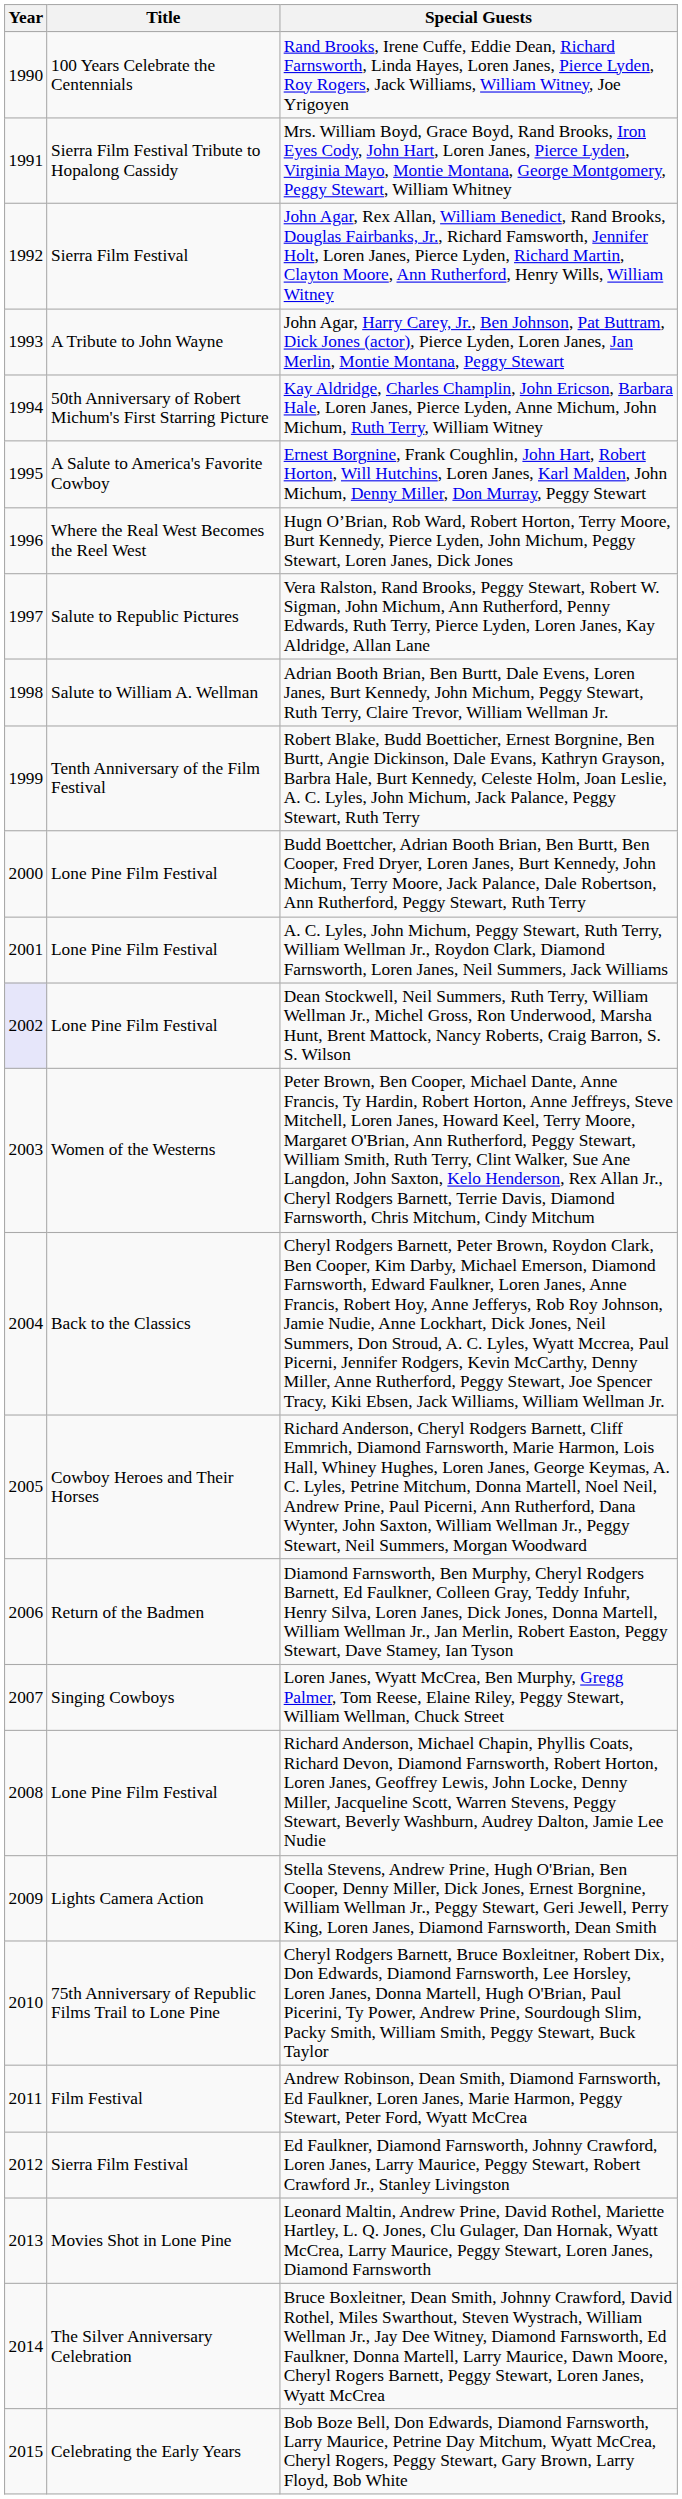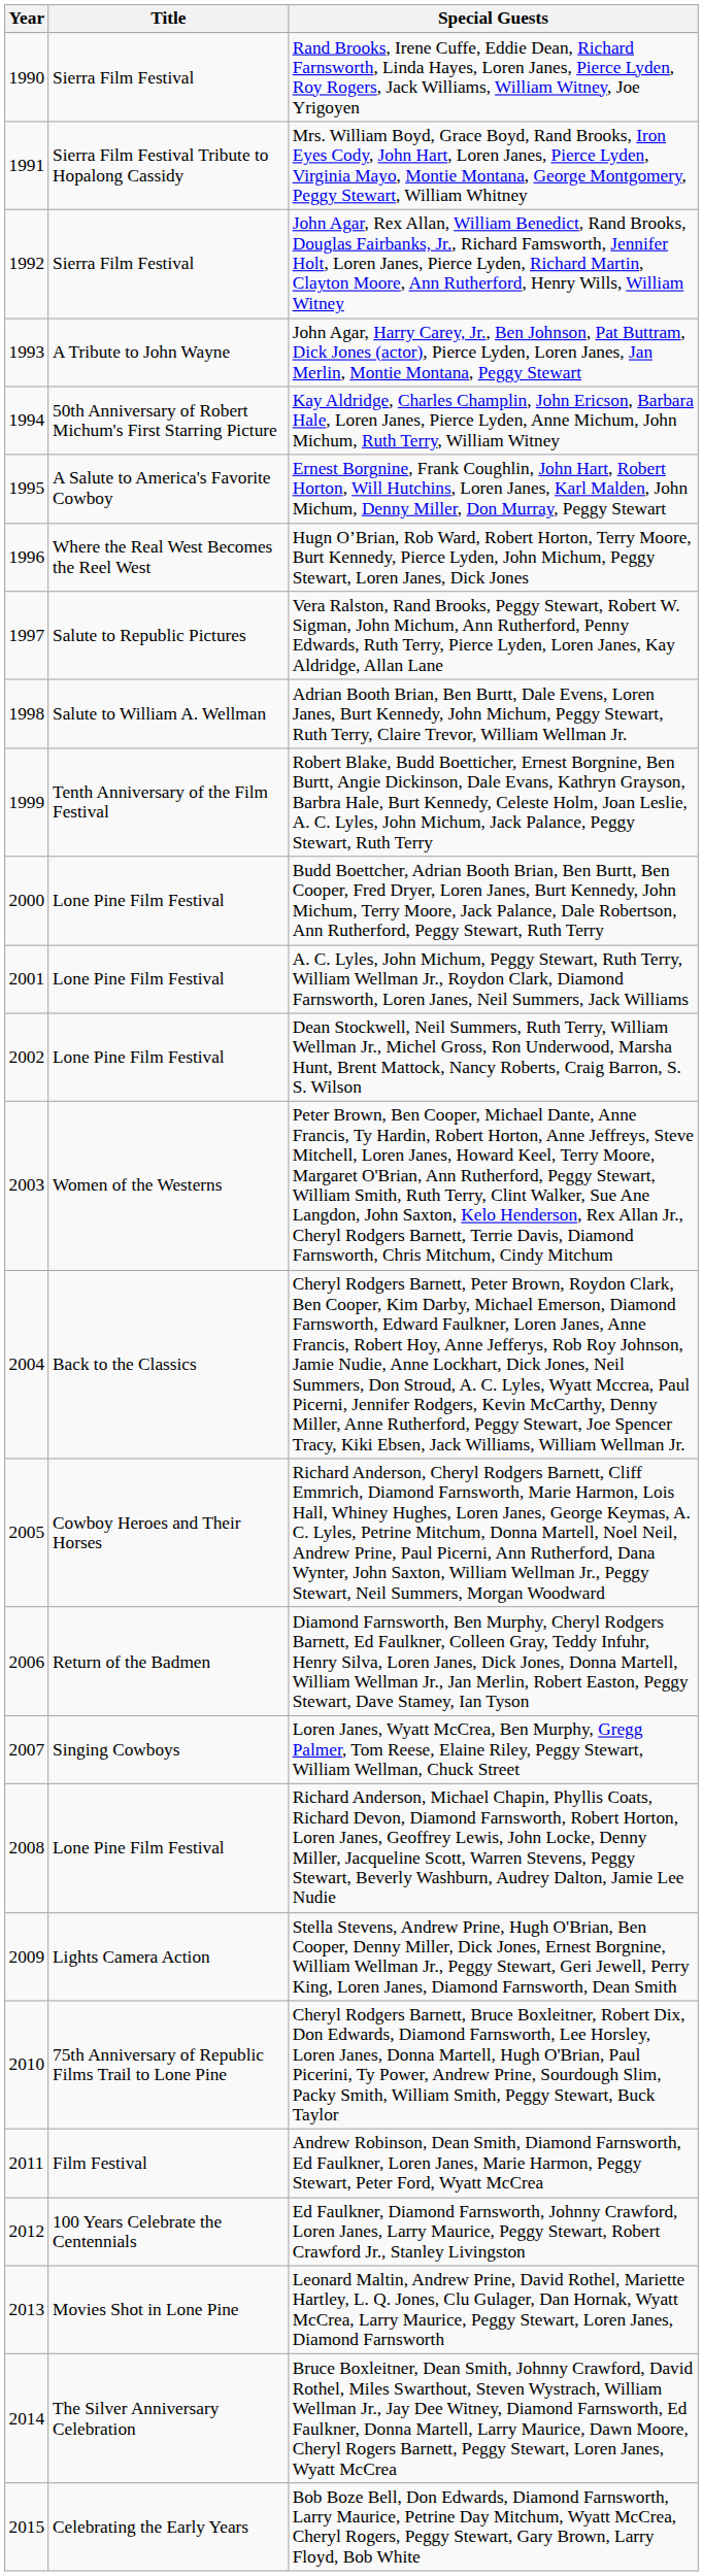 <table class="wikitable sortable" width="100%">
 <tr>
 <th width="5%">Year</th>
 <th width="35%">Title</th>
 <th width="60%" class="unsortable">Special Guests</th>
 </tr>
 <tr>
 <td>1990</td>
-<td>100 Years Celebrate the Centennials</td>
+<td>Sierra Film Festival</td>
 <td><a href='#'>Rand Brooks</a>, Irene Cuffe, Eddie Dean, <a href='#'>Richard Farnsworth</a>, Linda Hayes, Loren Janes, <a href='#'>Pierce Lyden</a>, <a href='#'>Roy Rogers</a>, Jack Williams, <a href='#'>William Witney</a>, Joe Yrigoyen</td>
 </tr>
 <tr>
 <td>1991</td>
 <td>Sierra Film Festival Tribute to Hopalong Cassidy</td>
 <td>Mrs. William Boyd, Grace Boyd, Rand Brooks, <a href='#'>Iron Eyes Cody</a>, <a href='#'>John Hart</a>, Loren Janes, <a href='#'>Pierce Lyden</a>, <a href='#'>Virginia Mayo</a>, <a href='#'>Montie Montana</a>, <a href='#'>George Montgomery</a>, <a href='#'>Peggy Stewart</a>, William Whitney</td>
 </tr>
 <tr>
 <td>1992</td>
 <td>Sierra Film Festival</td>
 <td><a href='#'>John Agar</a>, Rex Allan, <a href='#'>William Benedict</a>, Rand Brooks, <a href='#'>Douglas Fairbanks, Jr.</a>, Richard Famsworth, <a href='#'>Jennifer Holt</a>, Loren Janes, Pierce Lyden, <a href='#'>Richard Martin</a>, <a href='#'>Clayton Moore</a>, <a href='#'>Ann Rutherford</a>, Henry Wills, <a href='#'>William Witney</a></td>
 </tr>
 <tr>
 <td>1993</td>
 <td>A Tribute to John Wayne</td>
 <td>John Agar, <a href='#'>Harry Carey, Jr.</a>, <a href='#'>Ben Johnson</a>, <a href='#'>Pat Buttram</a>, <a href='#'>Dick Jones (actor)</a>, Pierce Lyden, Loren Janes, <a href='#'>Jan Merlin</a>, <a href='#'>Montie Montana</a>, <a href='#'>Peggy Stewart</a></td>
 </tr>
 <tr>
 <td>1994</td>
 <td>50th Anniversary of Robert Michum's First Starring Picture</td>
 <td><a href='#'>Kay Aldridge</a>, <a href='#'>Charles Champlin</a>, <a href='#'>John Ericson</a>, <a href='#'>Barbara Hale</a>, Loren Janes, Pierce Lyden, Anne Michum, John Michum, <a href='#'>Ruth Terry</a>, William Witney</td>
 </tr>
 <tr>
 <td>1995</td>
 <td>A Salute to America's Favorite Cowboy</td>
 <td><a href='#'>Ernest Borgnine</a>, Frank Coughlin, <a href='#'>John Hart</a>, <a href='#'>Robert Horton</a>, <a href='#'>Will Hutchins</a>, Loren Janes, <a href='#'>Karl Malden</a>, John Michum, <a href='#'>Denny Miller</a>, <a href='#'>Don Murray</a>, Peggy Stewart</td>
 </tr>
 <tr>
 <td>1996</td>
 <td>Where the Real West Becomes the Reel West</td>
 <td>Hugn O’Brian, Rob Ward, Robert Horton, Terry Moore, Burt Kennedy, Pierce Lyden, John Michum, Peggy Stewart, Loren Janes, Dick Jones</td>
 </tr>
 <tr>
 <td>1997</td>
 <td>Salute to Republic Pictures</td>
 <td>Vera Ralston, Rand Brooks, Peggy Stewart, Robert W. Sigman, John Michum, Ann Rutherford, Penny Edwards, Ruth Terry, Pierce Lyden, Loren Janes, Kay Aldridge, Allan Lane</td>
 </tr>
 <tr>
 <td>1998</td>
 <td>Salute to William A. Wellman</td>
 <td>Adrian Booth Brian, Ben Burtt, Dale Evens, Loren Janes, Burt Kennedy, John Michum, Peggy Stewart, Ruth Terry, Claire Trevor, William Wellman Jr.</td>
 </tr>
 <tr>
 <td>1999</td>
 <td>Tenth Anniversary of the Film Festival</td>
 <td>Robert Blake, Budd Boetticher, Ernest Borgnine, Ben Burtt, Angie Dickinson, Dale Evans, Kathryn Grayson, Barbra Hale, Burt Kennedy, Celeste Holm, Joan Leslie, A. C. Lyles, John Michum, Jack Palance, Peggy Stewart, Ruth Terry</td>
 </tr>
 <tr>
 <td>2000</td>
 <td>Lone Pine Film Festival</td>
 <td>Budd Boettcher, Adrian Booth Brian, Ben Burtt, Ben Cooper, Fred Dryer, Loren Janes, Burt Kennedy, John Michum, Terry Moore, Jack Palance, Dale Robertson, Ann Rutherford, Peggy Stewart, Ruth Terry</td>
 </tr>
 <tr>
 <td>2001</td>
 <td>Lone Pine Film Festival</td>
 <td>A. C. Lyles, John Michum, Peggy Stewart, Ruth Terry, William Wellman Jr., Roydon Clark, Diamond Farnsworth, Loren Janes, Neil Summers, Jack Williams</td>
 </tr>
 <tr>
-<td style="background: lavender;">2002</td>
+<td>2002</td>
 <td>Lone Pine Film Festival</td>
 <td>Dean Stockwell, Neil Summers, Ruth Terry, William Wellman Jr., Michel Gross, Ron Underwood, Marsha Hunt, Brent Mattock, Nancy Roberts, Craig Barron, S. S. Wilson</td>
 </tr>
 <tr>
 <td>2003</td>
 <td>Women of the Westerns</td>
 <td>Peter Brown, Ben Cooper, Michael Dante, Anne Francis, Ty Hardin, Robert Horton, Anne Jeffreys, Steve Mitchell, Loren Janes, Howard Keel, Terry Moore, Margaret O'Brian, Ann Rutherford, Peggy Stewart, William Smith, Ruth Terry, Clint Walker, Sue Ane Langdon, John Saxton, <a href='#'>Kelo Henderson</a>, Rex Allan Jr., Cheryl Rodgers Barnett, Terrie Davis, Diamond Farnsworth, Chris Mitchum, Cindy Mitchum</td>
 </tr>
 <tr>
 <td>2004</td>
 <td>Back to the Classics</td>
 <td>Cheryl Rodgers Barnett, Peter Brown, Roydon Clark, Ben Cooper, Kim Darby, Michael Emerson, Diamond Farnsworth, Edward Faulkner, Loren Janes, Anne Francis, Robert Hoy, Anne Jefferys, Rob Roy Johnson, Jamie Nudie, Anne Lockhart, Dick Jones, Neil Summers, Don Stroud, A. C. Lyles, Wyatt Mccrea, Paul Picerni, Jennifer Rodgers, Kevin McCarthy, Denny Miller, Anne Rutherford, Peggy Stewart, Joe Spencer Tracy, Kiki Ebsen, Jack Williams, William Wellman Jr.</td>
 </tr>
 <tr>
 <td>2005</td>
 <td>Cowboy Heroes and Their Horses</td>
 <td>Richard Anderson, Cheryl Rodgers Barnett, Cliff Emmrich, Diamond Farnsworth, Marie Harmon, Lois Hall, Whiney Hughes, Loren Janes, George Keymas, A. C. Lyles, Petrine Mitchum, Donna Martell, Noel Neil, Andrew Prine, Paul Picerni, Ann Rutherford, Dana Wynter, John Saxton, William Wellman Jr., Peggy Stewart, Neil Summers, Morgan Woodward</td>
 </tr>
 <tr>
 <td>2006</td>
 <td>Return of the Badmen</td>
 <td>Diamond Farnsworth, Ben Murphy, Cheryl Rodgers Barnett, Ed Faulkner, Colleen Gray, Teddy Infuhr, Henry Silva, Loren Janes, Dick Jones, Donna Martell, William Wellman Jr., Jan Merlin, Robert Easton, Peggy Stewart, Dave Stamey, Ian Tyson</td>
 </tr>
 <tr>
 <td>2007</td>
 <td>Singing Cowboys</td>
 <td>Loren Janes, Wyatt McCrea, Ben Murphy, <a href='#'>Gregg Palmer</a>, Tom Reese, Elaine Riley, Peggy Stewart, William Wellman, Chuck Street</td>
 </tr>
 <tr>
 <td>2008</td>
 <td>Lone Pine Film Festival</td>
 <td>Richard Anderson, Michael Chapin, Phyllis Coats, Richard Devon, Diamond Farnsworth, Robert Horton, Loren Janes, Geoffrey Lewis, John Locke, Denny Miller, Jacqueline Scott, Warren Stevens, Peggy Stewart, Beverly Washburn, Audrey Dalton, Jamie Lee Nudie</td>
 </tr>
 <tr>
 <td>2009</td>
 <td>Lights Camera Action</td>
 <td>Stella Stevens, Andrew Prine, Hugh O'Brian, Ben Cooper, Denny Miller, Dick Jones, Ernest Borgnine, William Wellman Jr., Peggy Stewart, Geri Jewell, Perry King, Loren Janes, Diamond Farnsworth, Dean Smith</td>
 </tr>
 <tr>
 <td>2010</td>
 <td>75th Anniversary of Republic Films Trail to Lone Pine</td>
 <td>Cheryl Rodgers Barnett, Bruce Boxleitner, Robert Dix, Don Edwards, Diamond Farnsworth, Lee Horsley, Loren Janes, Donna Martell, Hugh O'Brian, Paul Picerini, Ty Power, Andrew Prine, Sourdough Slim, Packy Smith, William Smith, Peggy Stewart, Buck Taylor</td>
 </tr>
 <tr>
 <td>2011</td>
 <td>Film Festival</td>
 <td>Andrew Robinson, Dean Smith, Diamond Farnsworth, Ed Faulkner, Loren Janes, Marie Harmon, Peggy Stewart, Peter Ford, Wyatt McCrea</td>
 </tr>
 <tr>
 <td>2012</td>
-<td>Sierra Film Festival</td>
+<td>100 Years Celebrate the Centennials</td>
 <td>Ed Faulkner, Diamond Farnsworth, Johnny Crawford, Loren Janes, Larry Maurice, Peggy Stewart, Robert Crawford Jr., Stanley Livingston</td>
 </tr>
 <tr>
 <td>2013</td>
 <td>Movies Shot in Lone Pine</td>
 <td>Leonard Maltin, Andrew Prine, David Rothel, Mariette Hartley, L. Q. Jones, Clu Gulager, Dan Hornak, Wyatt McCrea, Larry Maurice, Peggy Stewart, Loren Janes, Diamond Farnsworth</td>
 </tr>
 <tr>
 <td>2014</td>
 <td>The Silver Anniversary Celebration</td>
 <td>Bruce Boxleitner, Dean Smith, Johnny Crawford, David Rothel, Miles Swarthout, Steven Wystrach, William Wellman Jr., Jay Dee Witney, Diamond Farnsworth, Ed Faulkner, Donna Martell, Larry Maurice, Dawn Moore, Cheryl Rogers  Barnett, Peggy Stewart, Loren Janes, Wyatt McCrea</td>
 </tr>
 <tr>
 <td>2015</td>
 <td>Celebrating the Early Years</td>
 <td>Bob Boze Bell, Don Edwards, Diamond Farnsworth, Larry Maurice, Petrine Day Mitchum, Wyatt McCrea, Cheryl Rogers, Peggy Stewart, Gary Brown, Larry Floyd, Bob White</td>
 </tr>
 </table>
